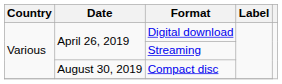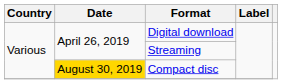 <table class="wikitable">
 <tr>
 <th>Country</th>
 <th>Date</th>
 <th>Format</th>
 <th>Label</th>
 <th></th>
 </tr>
 <tr>
 <td rowspan="3">Various</td>
 <td rowspan="2">April 26, 2019</td>
 <td><a href='#'>Digital download</a></td>
 <td rowspan="3"></td>
 <td rowspan="4"></td>
 </tr>
 <tr>
 <td><a href='#'>Streaming</a></td>
 </tr>
 <tr>
-<td>August 30, 2019</td>
+<td style="background: gold;">August 30, 2019</td>
 <td><a href='#'>Compact disc</a></td>
 </tr>
 <tr>
 </tr>
 </table>
